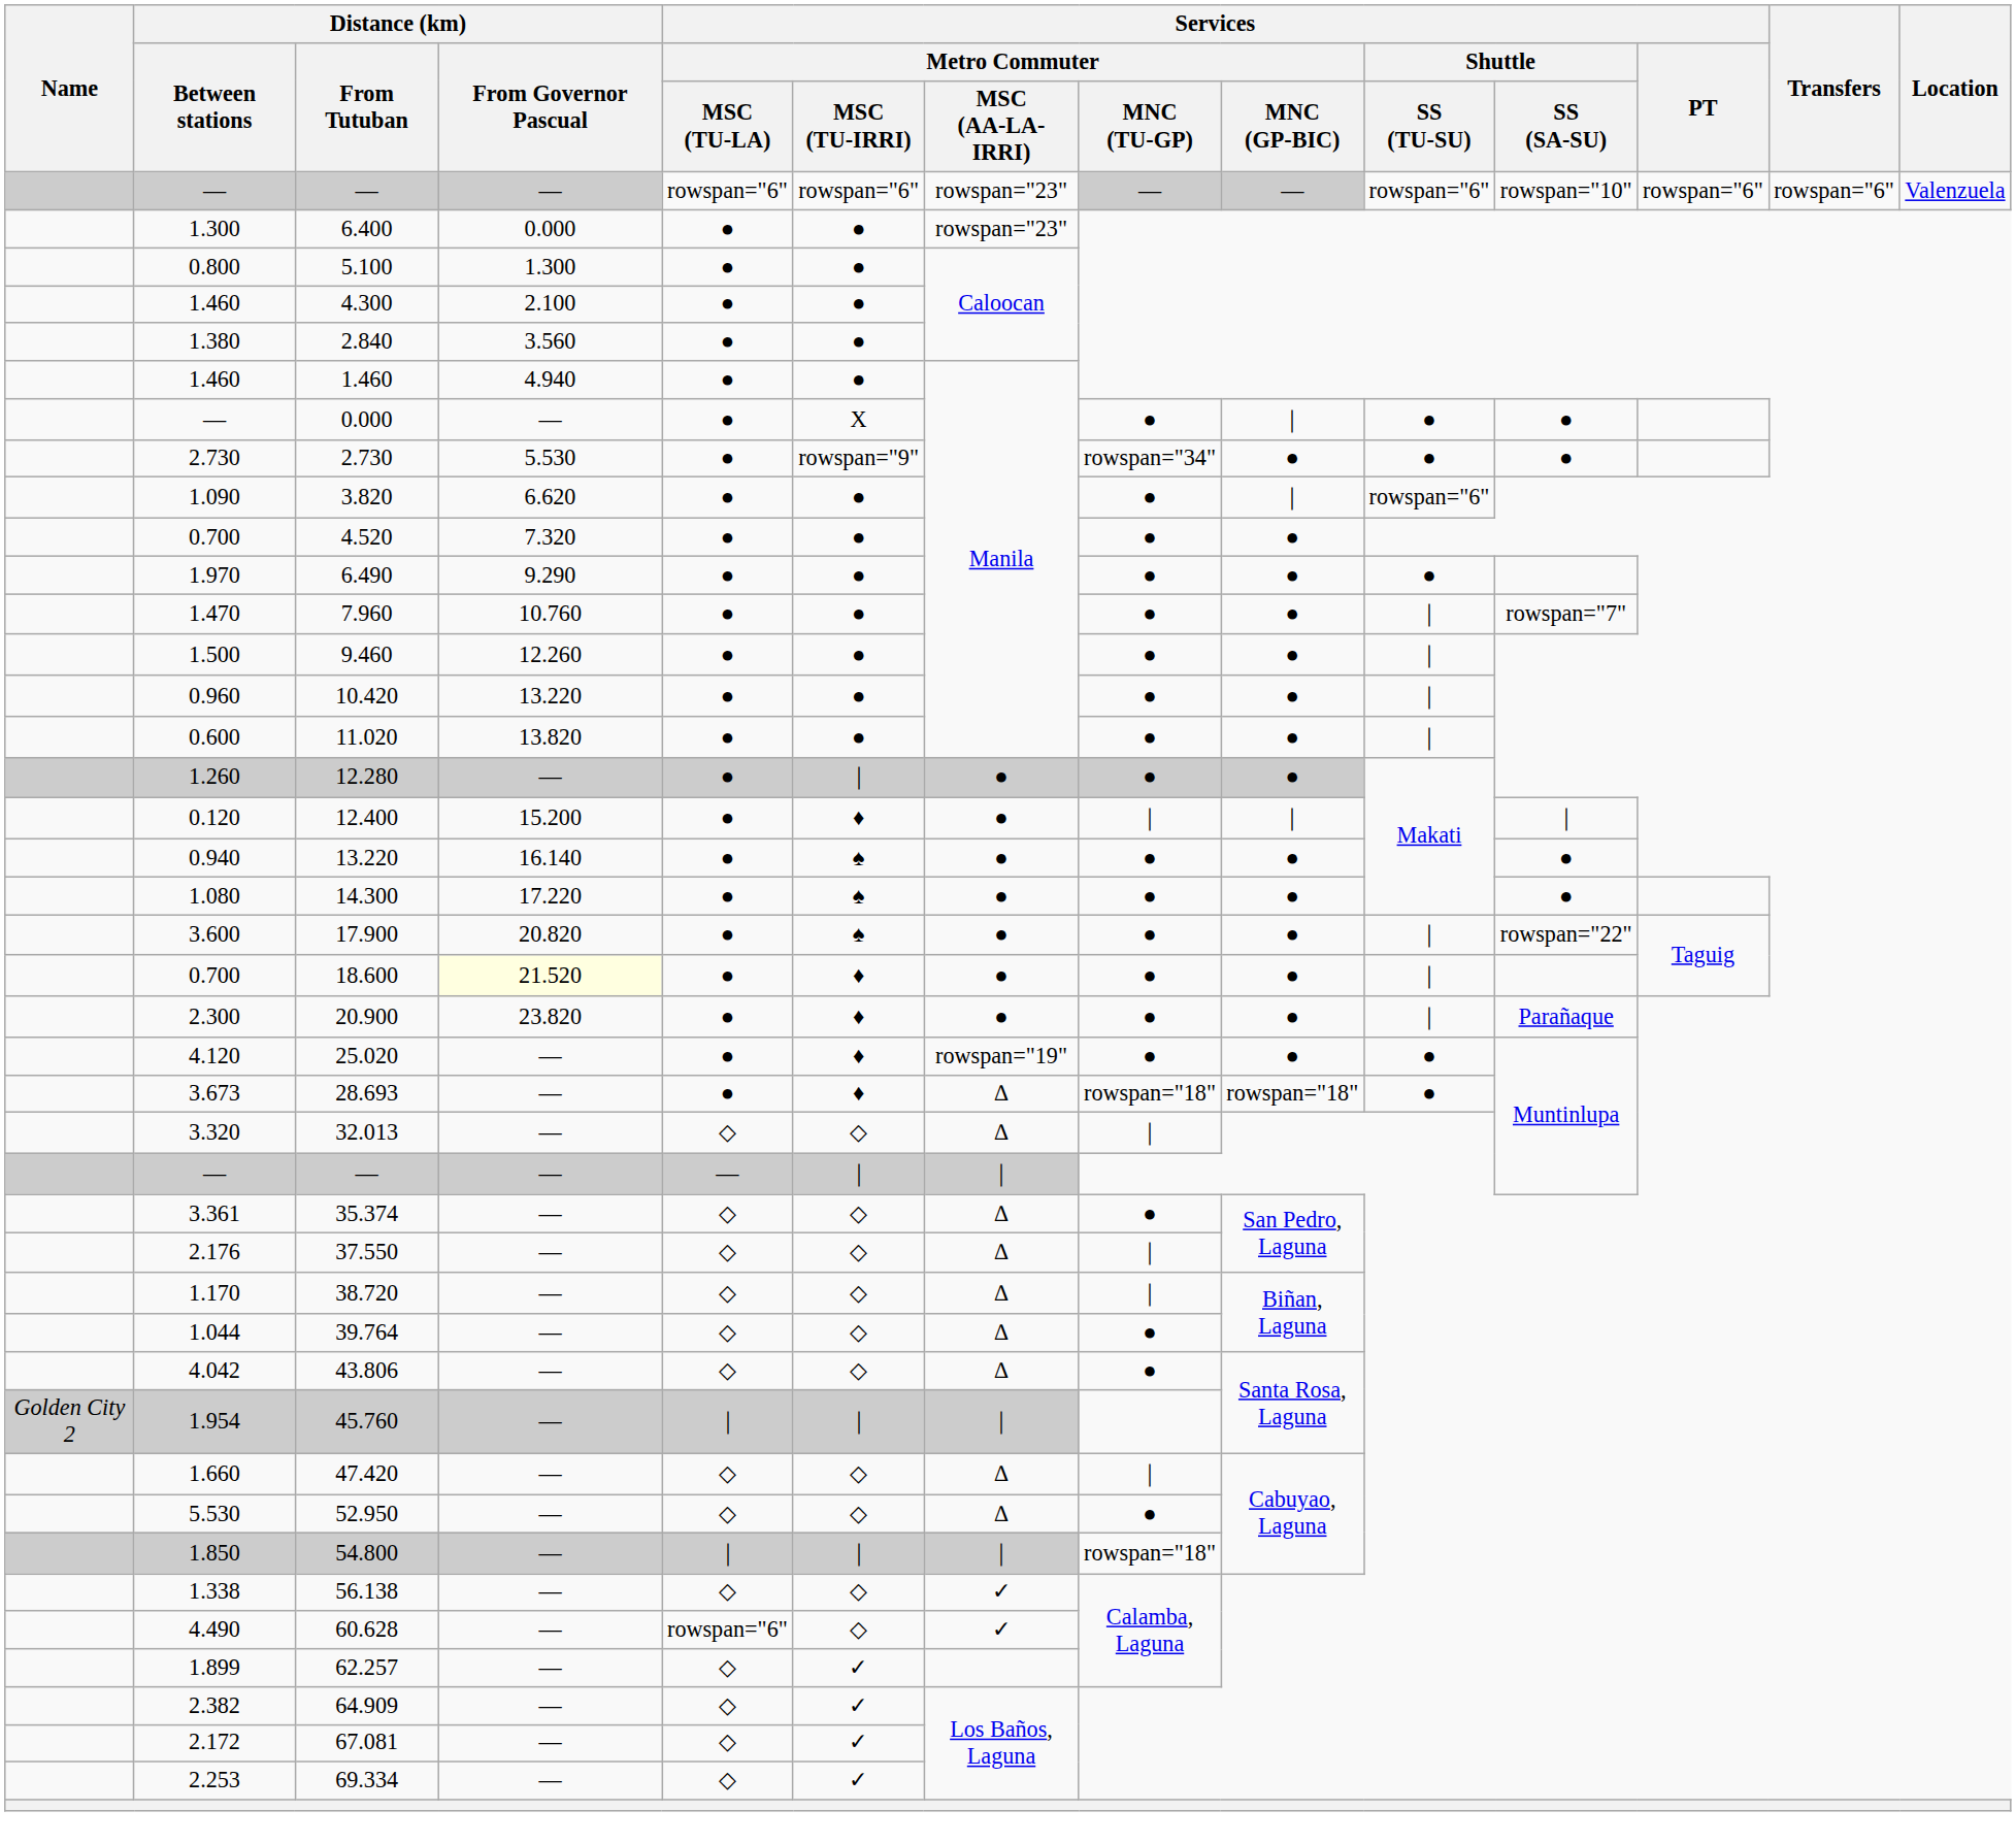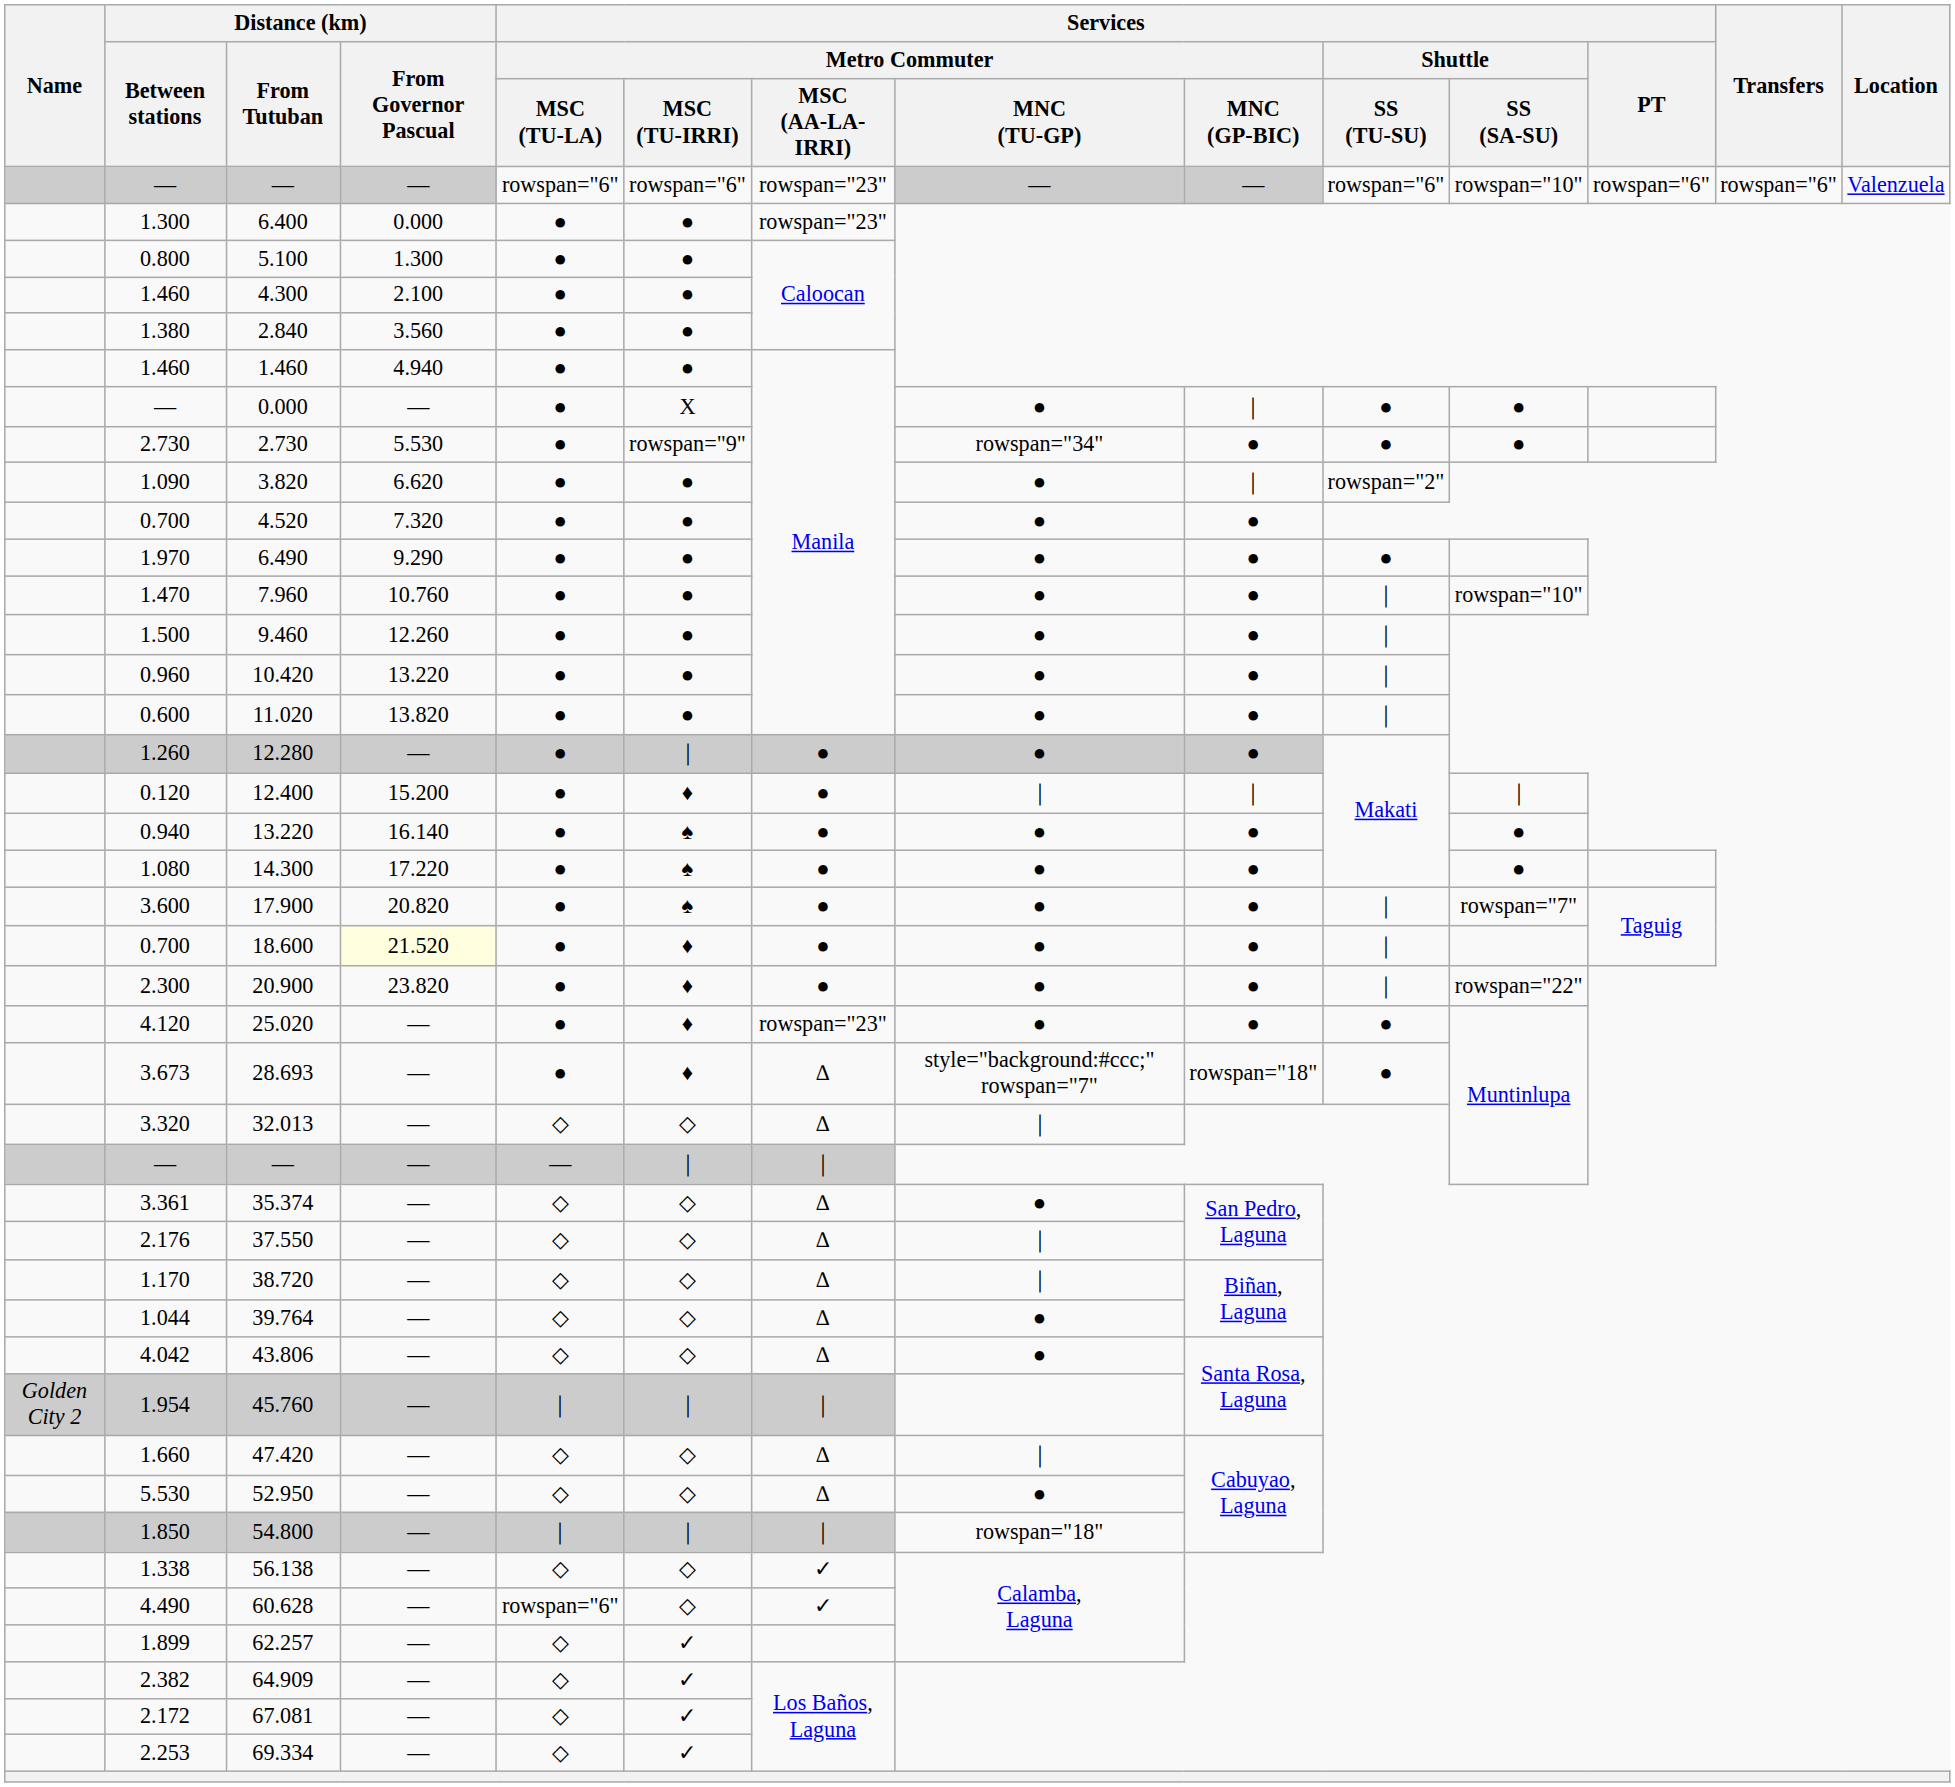 <table class="wikitable" style="margin-left: auto; margin-right: auto; border: none; text-align:center;font-size:90%;">
 <tr>
 <th rowspan="3">Name</th>
 <th colspan="3">Distance (km)</th>
 <th colspan="8">Services</th>
 <th rowspan="3">Transfers</th>
 <th rowspan="3">Location</th>
 </tr>
 <tr>
 <th rowspan="2">Between stations</th>
 <th rowspan="2">From Tutuban</th>
 <th rowspan="2">From Governor Pascual</th>
 <th colspan="5">Metro Commuter</th>
 <th colspan="2">Shuttle</th>
 <th rowspan="2">PT</th>
 </tr>
 <tr>
 <th>MSC<br>(TU-LA)</th>
 <th>MSC<br>(TU-IRRI)</th>
 <th>MSC<br>(AA-LA-IRRI)</th>
 <th>MNC<br>(TU-GP)</th>
 <th>MNC<br>(GP-BIC)</th>
 <th>SS<br>(TU-SU)</th>
 <th>SS<br>(SA-SU)</th>
 </tr>
 <tr>
 <td style="background:#ccc;"><em></em></td>
 <td style="background:#ccc;">—</td>
 <td style="background:#ccc;">—</td>
 <td style="background:#ccc;">—</td>
 <td>rowspan="6" </td>
 <td>rowspan="6" </td>
 <td>rowspan="23" </td>
 <td style="background:#ccc;">—</td>
 <td style="background:#ccc;">—</td>
 <td>rowspan="6" </td>
 <td>rowspan="10" </td>
 <td>rowspan="6" </td>
 <td>rowspan="6" </td>
 <td><a href='#'>Valenzuela</a></td>
 </tr>
 <tr>
 <td></td>
 <td>1.300</td>
 <td>6.400</td>
 <td>0.000</td>
 <td>●</td>
 <td>●</td>
 <td>rowspan="23" </td>
 </tr>
 <tr>
 <td></td>
 <td>0.800</td>
 <td>5.100</td>
 <td>1.300</td>
 <td>●</td>
 <td>●</td>
 <td rowspan="3"><a href='#'>Caloocan</a></td>
 </tr>
 <tr>
 <td></td>
 <td>1.460</td>
 <td>4.300</td>
 <td>2.100</td>
 <td>●</td>
 <td>●</td>
 </tr>
 <tr>
 <td></td>
 <td>1.380</td>
 <td>2.840</td>
 <td>3.560</td>
 <td>●</td>
 <td>●</td>
 </tr>
 <tr>
 <td></td>
 <td>1.460</td>
 <td>1.460</td>
 <td>4.940</td>
 <td>●</td>
 <td>●</td>
 <td rowspan="10"><a href='#'>Manila</a></td>
 </tr>
 <tr>
 <td></td>
 <td>—</td>
 <td>0.000</td>
 <td>—</td>
 <td>●</td>
 <td>X</td>
 <td>●</td>
 <td>｜</td>
 <td>●</td>
 <td>●</td>
 <td style="text-align: left">  <em></em></td>
 </tr>
 <tr>
 <td></td>
 <td>2.730</td>
 <td>2.730</td>
 <td>5.530</td>
 <td>●</td>
 <td>rowspan="9" </td>
 <td>rowspan="34" </td>
 <td>●</td>
 <td>●</td>
 <td>●</td>
 <td style="text-align: left">  </td>
 </tr>
 <tr>
 <td></td>
 <td>1.090</td>
 <td>3.820</td>
 <td>6.620</td>
 <td>●</td>
 <td>●</td>
 <td>●</td>
 <td>｜</td>
-<td>rowspan="6" </td>
+<td>rowspan="2" </td>
 </tr>
 <tr>
 <td></td>
 <td>0.700</td>
 <td>4.520</td>
 <td>7.320</td>
 <td>●</td>
 <td>●</td>
 <td>●</td>
 <td>●</td>
 </tr>
 <tr>
 <td></td>
 <td>1.970</td>
 <td>6.490</td>
 <td>9.290</td>
 <td>●</td>
 <td>●</td>
 <td>●</td>
 <td>●</td>
 <td>●</td>
 <td style="text-align: left">  </td>
 </tr>
 <tr>
 <td></td>
 <td>1.470</td>
 <td>7.960</td>
 <td>10.760</td>
 <td>●</td>
 <td>●</td>
 <td>●</td>
 <td>●</td>
 <td>｜</td>
-<td>rowspan="7" </td>
+<td>rowspan="10" </td>
 </tr>
 <tr>
 <td></td>
 <td>1.500</td>
 <td>9.460</td>
 <td>12.260</td>
 <td>●</td>
 <td>●</td>
 <td>●</td>
 <td>●</td>
 <td>｜</td>
 </tr>
 <tr>
 <td></td>
 <td>0.960</td>
 <td>10.420</td>
 <td>13.220</td>
 <td>●</td>
 <td>●</td>
 <td>●</td>
 <td>●</td>
 <td>｜</td>
 </tr>
 <tr>
 <td></td>
 <td>0.600</td>
 <td>11.020</td>
 <td>13.820</td>
 <td>●</td>
 <td>●</td>
 <td>●</td>
 <td>●</td>
 <td>｜</td>
 </tr>
 <tr>
 <td style="background:#ccc;"><em></em></td>
 <td style="background:#ccc;">1.260</td>
 <td style="background:#ccc;">12.280</td>
 <td style="background:#ccc;">—</td>
 <td style="background:#ccc;">●</td>
 <td style="background:#ccc;">｜</td>
 <td style="background:#ccc;">●</td>
 <td style="background:#ccc;">●</td>
 <td style="background:#ccc;">●</td>
 <td rowspan="4"><a href='#'>Makati</a></td>
 </tr>
 <tr>
 <td></td>
 <td>0.120</td>
 <td>12.400</td>
 <td>15.200</td>
 <td>●</td>
 <td>♦</td>
 <td>●</td>
 <td>｜</td>
 <td>｜</td>
 <td>｜</td>
 </tr>
 <tr>
 <td></td>
 <td>0.940</td>
 <td>13.220</td>
 <td>16.140</td>
 <td>●</td>
 <td>♠</td>
 <td>●</td>
 <td>●</td>
 <td>●</td>
 <td>●</td>
 </tr>
 <tr>
 <td></td>
 <td>1.080</td>
 <td>14.300</td>
 <td>17.220</td>
 <td>●</td>
 <td>♠</td>
 <td>●</td>
 <td>●</td>
 <td>●</td>
 <td>●</td>
 <td style="text-align: left">  </td>
 </tr>
 <tr>
 <td></td>
 <td>3.600</td>
 <td>17.900</td>
 <td>20.820</td>
 <td>●</td>
 <td>♠</td>
 <td>●</td>
 <td>●</td>
 <td>●</td>
 <td>｜</td>
-<td>rowspan="22" </td>
+<td>rowspan="7" </td>
 <td rowspan="2"><a href='#'>Taguig</a></td>
 </tr>
 <tr>
 <td></td>
 <td>0.700</td>
 <td>18.600</td>
 <td style="background: lightyellow;">21.520</td>
 <td>●</td>
 <td>♦</td>
 <td>●</td>
 <td>●</td>
 <td>●</td>
 <td>｜</td>
 </tr>
 <tr>
 <td></td>
 <td>2.300</td>
 <td>20.900</td>
 <td>23.820</td>
 <td>●</td>
 <td>♦</td>
 <td>●</td>
 <td>●</td>
 <td>●</td>
 <td>｜</td>
-<td><a href='#'>Parañaque</a></td>
+<td>rowspan="22" </td>
 </tr>
 <tr>
 <td></td>
 <td>4.120</td>
 <td>25.020</td>
 <td>—</td>
 <td>●</td>
 <td>♦</td>
-<td>rowspan="19" </td>
+<td>rowspan="23" </td>
 <td>●</td>
 <td>●</td>
 <td>●</td>
 <td rowspan="4"><a href='#'>Muntinlupa</a></td>
 </tr>
 <tr>
 <td></td>
 <td>3.673</td>
 <td>28.693</td>
 <td>—</td>
 <td>●</td>
 <td>♦</td>
 <td>∆</td>
-<td>rowspan="18" </td>
+<td>style="background:#ccc;" rowspan="7" </td>
 <td>rowspan="18" </td>
 <td>●</td>
 </tr>
 <tr>
 <td></td>
 <td>3.320</td>
 <td>32.013</td>
 <td>—</td>
 <td>◇</td>
 <td>◇</td>
 <td>∆</td>
 <td>｜</td>
 </tr>
 <tr>
 <td style="background:#ccc;"><em></em></td>
 <td style="background:#ccc;">—</td>
 <td style="background:#ccc;">—</td>
 <td style="background:#ccc;">—</td>
 <td style="background:#ccc;">—</td>
 <td style="background:#ccc;">｜</td>
 <td style="background:#ccc;">｜</td>
 </tr>
 <tr>
 <td></td>
 <td>3.361</td>
 <td>35.374</td>
 <td>—</td>
 <td>◇</td>
 <td>◇</td>
 <td>∆</td>
 <td>●</td>
 <td rowspan="2"><a href='#'>San Pedro</a>,<br><a href='#'>Laguna</a></td>
 </tr>
 <tr>
 <td></td>
 <td>2.176</td>
 <td>37.550</td>
 <td>—</td>
 <td>◇</td>
 <td>◇</td>
 <td>∆</td>
 <td>｜</td>
 </tr>
 <tr>
 <td></td>
 <td>1.170</td>
 <td>38.720</td>
 <td>—</td>
 <td>◇</td>
 <td>◇</td>
 <td>∆</td>
 <td>｜</td>
 <td rowspan="2"><a href='#'>Biñan</a>,<br><a href='#'>Laguna</a></td>
 </tr>
 <tr>
 <td></td>
 <td>1.044</td>
 <td>39.764</td>
 <td>—</td>
 <td>◇</td>
 <td>◇</td>
 <td>∆</td>
 <td>●</td>
 </tr>
 <tr>
 <td></td>
 <td>4.042</td>
 <td>43.806</td>
 <td>—</td>
 <td>◇</td>
 <td>◇</td>
 <td>∆</td>
 <td>●</td>
 <td rowspan="2"><a href='#'>Santa Rosa</a>,<br><a href='#'>Laguna</a></td>
 </tr>
 <tr>
 <td style="background:#ccc;"><em>Golden City 2</em></td>
 <td style="background:#ccc;">1.954</td>
 <td style="background:#ccc;">45.760</td>
 <td style="background:#ccc;">—</td>
 <td style="background:#ccc;">｜</td>
 <td style="background:#ccc;">｜</td>
 <td style="background:#ccc;">｜</td>
 </tr>
 <tr>
 <td></td>
 <td>1.660</td>
 <td>47.420</td>
 <td>—</td>
 <td>◇</td>
 <td>◇</td>
 <td>∆</td>
 <td>｜</td>
 <td rowspan="3"><a href='#'>Cabuyao</a>,<br><a href='#'>Laguna</a></td>
 </tr>
 <tr>
 <td></td>
 <td>5.530</td>
 <td>52.950</td>
 <td>—</td>
 <td>◇</td>
 <td>◇</td>
 <td>∆</td>
 <td>●</td>
 </tr>
 <tr>
 <td style="background:#ccc;"><em></em></td>
 <td style="background:#ccc;">1.850</td>
 <td style="background:#ccc;">54.800</td>
 <td style="background:#ccc;">—</td>
 <td style="background:#ccc;">｜</td>
 <td style="background:#ccc;">｜</td>
 <td style="background:#ccc;">｜</td>
 <td>rowspan="18" </td>
 </tr>
 <tr>
 <td></td>
 <td>1.338</td>
 <td>56.138</td>
 <td>—</td>
 <td>◇</td>
 <td>◇</td>
 <td>✓</td>
 <td rowspan="3"><a href='#'>Calamba</a>,<br><a href='#'>Laguna</a></td>
 </tr>
 <tr>
 <td></td>
 <td>4.490</td>
 <td>60.628</td>
 <td>—</td>
 <td>rowspan="6" </td>
 <td>◇</td>
 <td>✓</td>
 </tr>
 <tr>
 <td></td>
 <td>1.899</td>
 <td>62.257</td>
 <td>—</td>
 <td>◇</td>
 <td>✓</td>
 </tr>
 <tr>
 <td></td>
 <td>2.382</td>
 <td>64.909</td>
 <td>—</td>
 <td>◇</td>
 <td>✓</td>
 <td rowspan="3"><a href='#'>Los Baños</a>,<br><a href='#'>Laguna</a></td>
 </tr>
 <tr>
 <td></td>
 <td>2.172</td>
 <td>67.081</td>
 <td>—</td>
 <td>◇</td>
 <td>✓</td>
 </tr>
 <tr>
 <td></td>
 <td>2.253</td>
 <td>69.334</td>
 <td>—</td>
 <td>◇</td>
 <td>✓</td>
 </tr>
 <tr>
 <th colspan="14"></th>
 </tr>
 </table>
